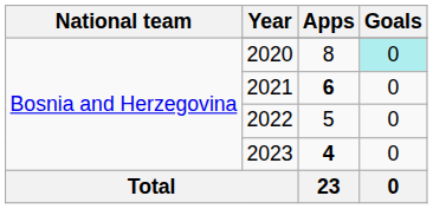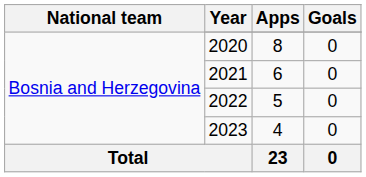 <table class="wikitable" style="text-align:center">
 <tr>
 <th>National team</th>
 <th>Year</th>
 <th>Apps</th>
 <th>Goals</th>
 </tr>
 <tr>
 <td rowspan=5><a href='#'>Bosnia and Herzegovina</a></td>
 </tr>
 <tr>
 <td>2020</td>
 <td>8</td>
-<td style="background: paleturquoise;">0</td>
+<td>0</td>
 </tr>
 <tr>
 <td>2021</td>
-<td><strong>6</strong></td>
+<td>6</td>
 <td>0</td>
 </tr>
 <tr>
 <td>2022</td>
 <td>5</td>
 <td>0</td>
 </tr>
 <tr>
 <td>2023</td>
-<td><strong>4</strong></td>
+<td>4</td>
 <td>0</td>
 </tr>
 <tr>
 <th colspan=2>Total</th>
 <th>23</th>
 <th>0</th>
 </tr>
 </table>
